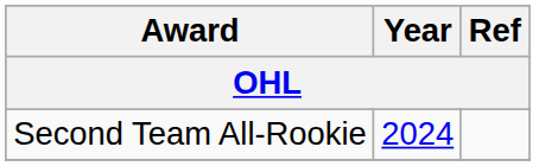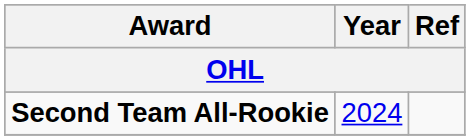 <table class="wikitable">
 <tr>
 <th>Award</th>
 <th>Year</th>
 <th>Ref</th>
 </tr>
 <tr ALIGN="center" bgcolor="#e0e0e0">
 <th colspan="4"><a href='#'>OHL</a></th>
 </tr>
 <tr>
-<td>Second Team All-Rookie</td>
+<td><strong>Second Team All-Rookie</strong></td>
 <td><a href='#'>2024</a></td>
 <td></td>
 </tr>
 <tr>
 </tr>
 </table>
